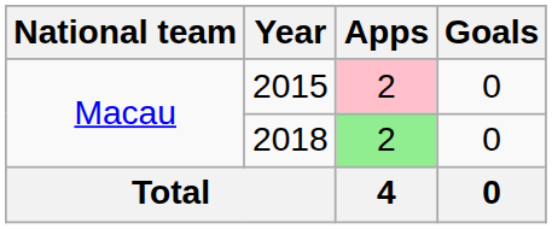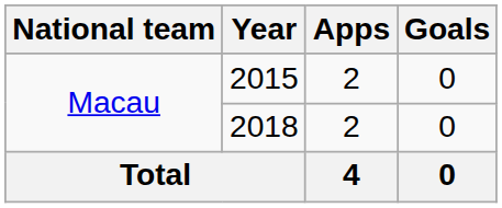 <table class="wikitable" style="text-align:center">
 <tr>
 <th>National team</th>
 <th>Year</th>
 <th>Apps</th>
 <th>Goals</th>
 </tr>
 <tr>
 <td rowspan="2"><a href='#'>Macau</a></td>
 <td>2015</td>
-<td style="background: pink;">2</td>
+<td>2</td>
 <td>0</td>
 </tr>
 <tr>
 <td>2018</td>
-<td style="background: lightgreen;">2</td>
+<td>2</td>
 <td>0</td>
 </tr>
 <tr>
 <th colspan=2>Total</th>
 <th>4</th>
 <th>0</th>
 </tr>
 </table>
